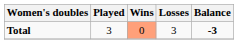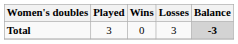 <table class="wikitable" style="text-align:center">
 <tr>
 <th>Women's doubles</th>
 <th>Played</th>
 <th>Wins</th>
 <th>Losses</th>
 <th>Balance</th>
 </tr>
 <tr>
 <td align=left><strong>Total</strong></td>
 <td>3</td>
-<td style="background: lightsalmon;">0</td>
+<td>0</td>
 <td>3</td>
-<td><strong>-3</strong></td>
+<td style="background: lightgrey;"><strong>-3</strong></td>
 </tr>
 <tr>
 </tr>
 </table>
